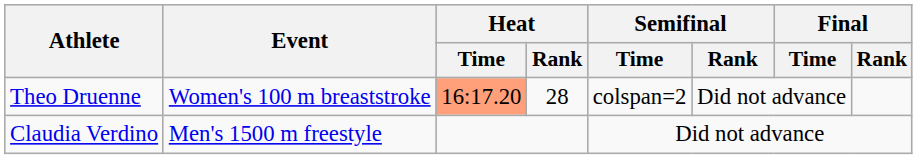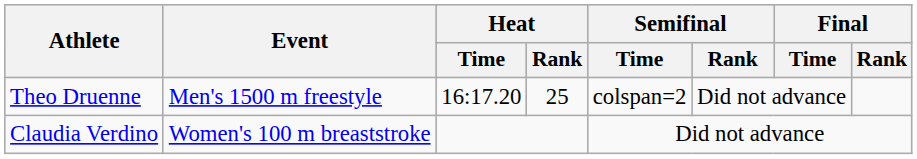 <table class=wikitable style="font-size:90%">
 <tr>
 <th rowspan="2">Athlete</th>
 <th rowspan="2">Event</th>
 <th colspan="2">Heat</th>
 <th colspan="2">Semifinal</th>
 <th colspan="2">Final</th>
 </tr>
 <tr style="font-size:95%">
 <th>Time</th>
 <th>Rank</th>
 <th>Time</th>
 <th>Rank</th>
 <th>Time</th>
 <th>Rank</th>
 </tr>
 <tr align=center>
 <td align=left><a href='#'>Theo Druenne</a></td>
-<td align=left><a href='#'>Women's 100 m breaststroke</a></td>
-<td style="background: lightsalmon;">16:17.20</td>
-<td>28</td>
+<td align=left><a href='#'>Men's 1500 m freestyle</a></td>
+<td>16:17.20</td>
+<td>25</td>
 <td>colspan=2 </td>
 <td colspan=2>Did not advance</td>
 </tr>
 <tr align=center>
 <td align=left><a href='#'>Claudia Verdino</a></td>
-<td align=left><a href='#'>Men's 1500 m freestyle</a></td>
+<td align=left><a href='#'>Women's 100 m breaststroke</a></td>
 <td colspan="2"></td>
 <td colspan="4">Did not advance</td>
 </tr>
 </table>
